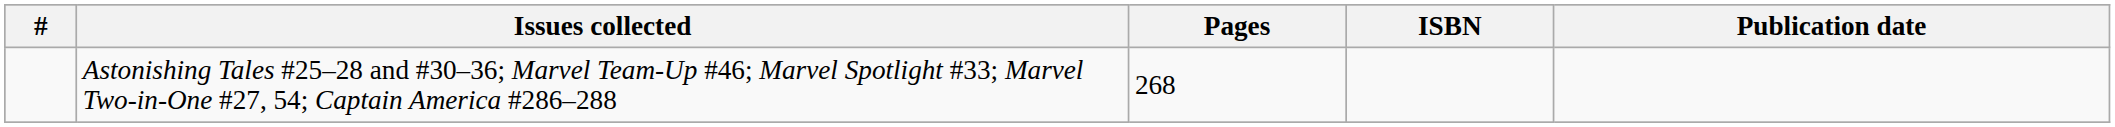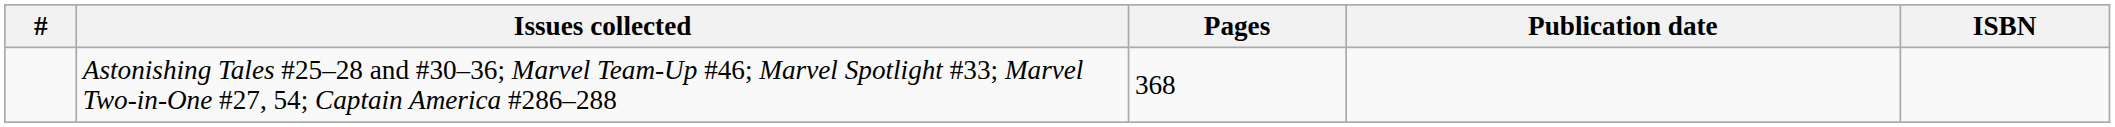 <table class="wikitable sortable" width=98%>
 <tr>
 <th class="unsortable">#</th>
 <th class="unsortable" width="50%">Issues collected</th>
 <th>Pages</th>
+<th>Publication date</th>
 <th class="unsortable">ISBN</th>
-<th>Publication date</th>
 </tr>
 <tr>
 <td></td>
 <td><em>Astonishing Tales</em> #25–28 and #30–36; <em>Marvel Team-Up</em> #46; <em>Marvel Spotlight</em> #33; <em>Marvel Two-in-One</em> #27, 54; <em>Captain America</em> #286–288</td>
-<td>268</td>
+<td>368</td>
 <td></td>
 <td></td>
 </tr>
 </table>
